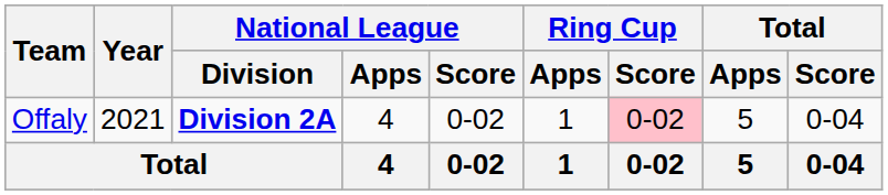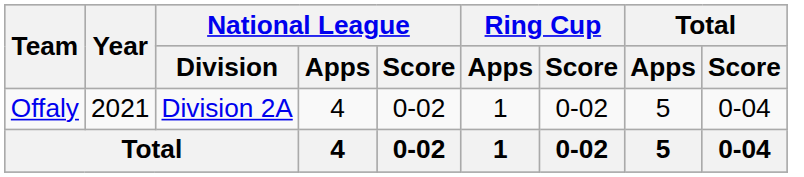 <table class="wikitable" style="text-align:center">
 <tr>
 <th rowspan="2">Team</th>
 <th rowspan="2">Year</th>
 <th colspan="3"><a href='#'>National League</a></th>
 <th colspan="2"><a href='#'>Ring Cup</a></th>
 <th colspan="2">Total</th>
 </tr>
 <tr>
 <th>Division</th>
 <th>Apps</th>
 <th>Score</th>
 <th>Apps</th>
 <th>Score</th>
 <th>Apps</th>
 <th>Score</th>
 </tr>
 <tr>
 <td rowspan="1"><a href='#'>Offaly</a></td>
 <td>2021</td>
-<td rowspan="1"><strong><a href='#'>Division 2A</a></strong></td>
+<td rowspan="1"><a href='#'>Division 2A</a></td>
 <td>4</td>
 <td>0-02</td>
 <td>1</td>
-<td style="background: pink;">0-02</td>
+<td>0-02</td>
 <td>5</td>
 <td>0-04</td>
 </tr>
 <tr>
 <th colspan="3">Total</th>
 <th>4</th>
 <th>0-02</th>
 <th>1</th>
 <th>0-02</th>
 <th>5</th>
 <th>0-04</th>
 </tr>
 </table>
